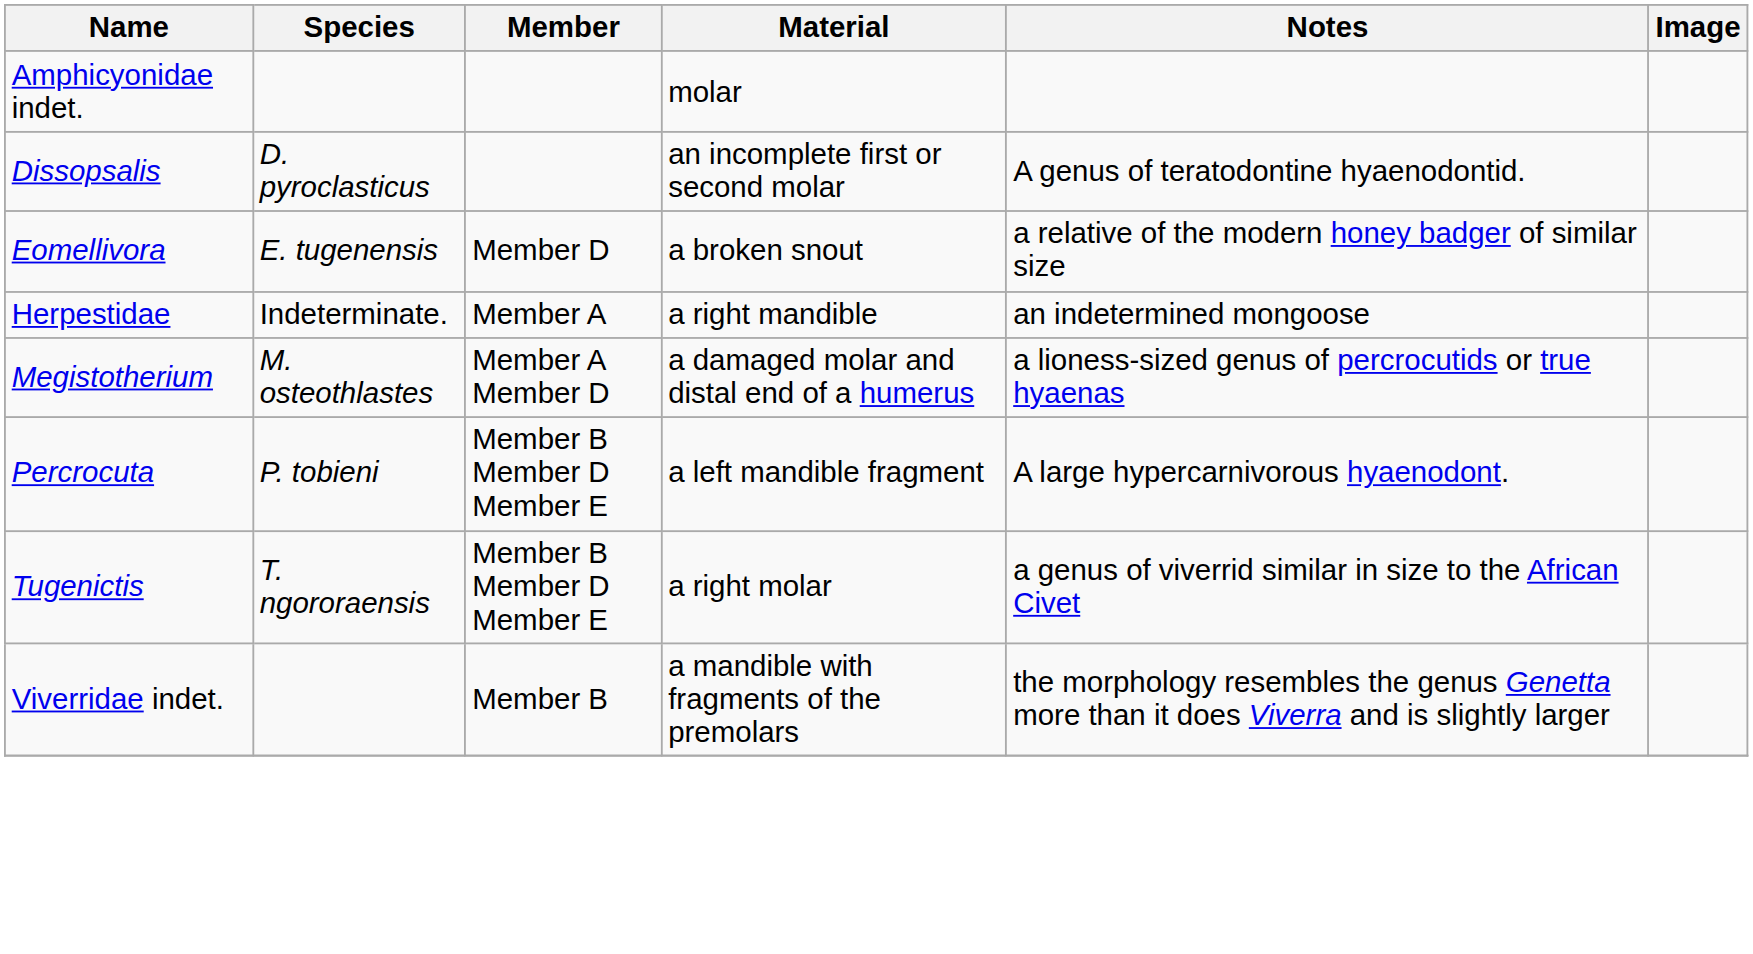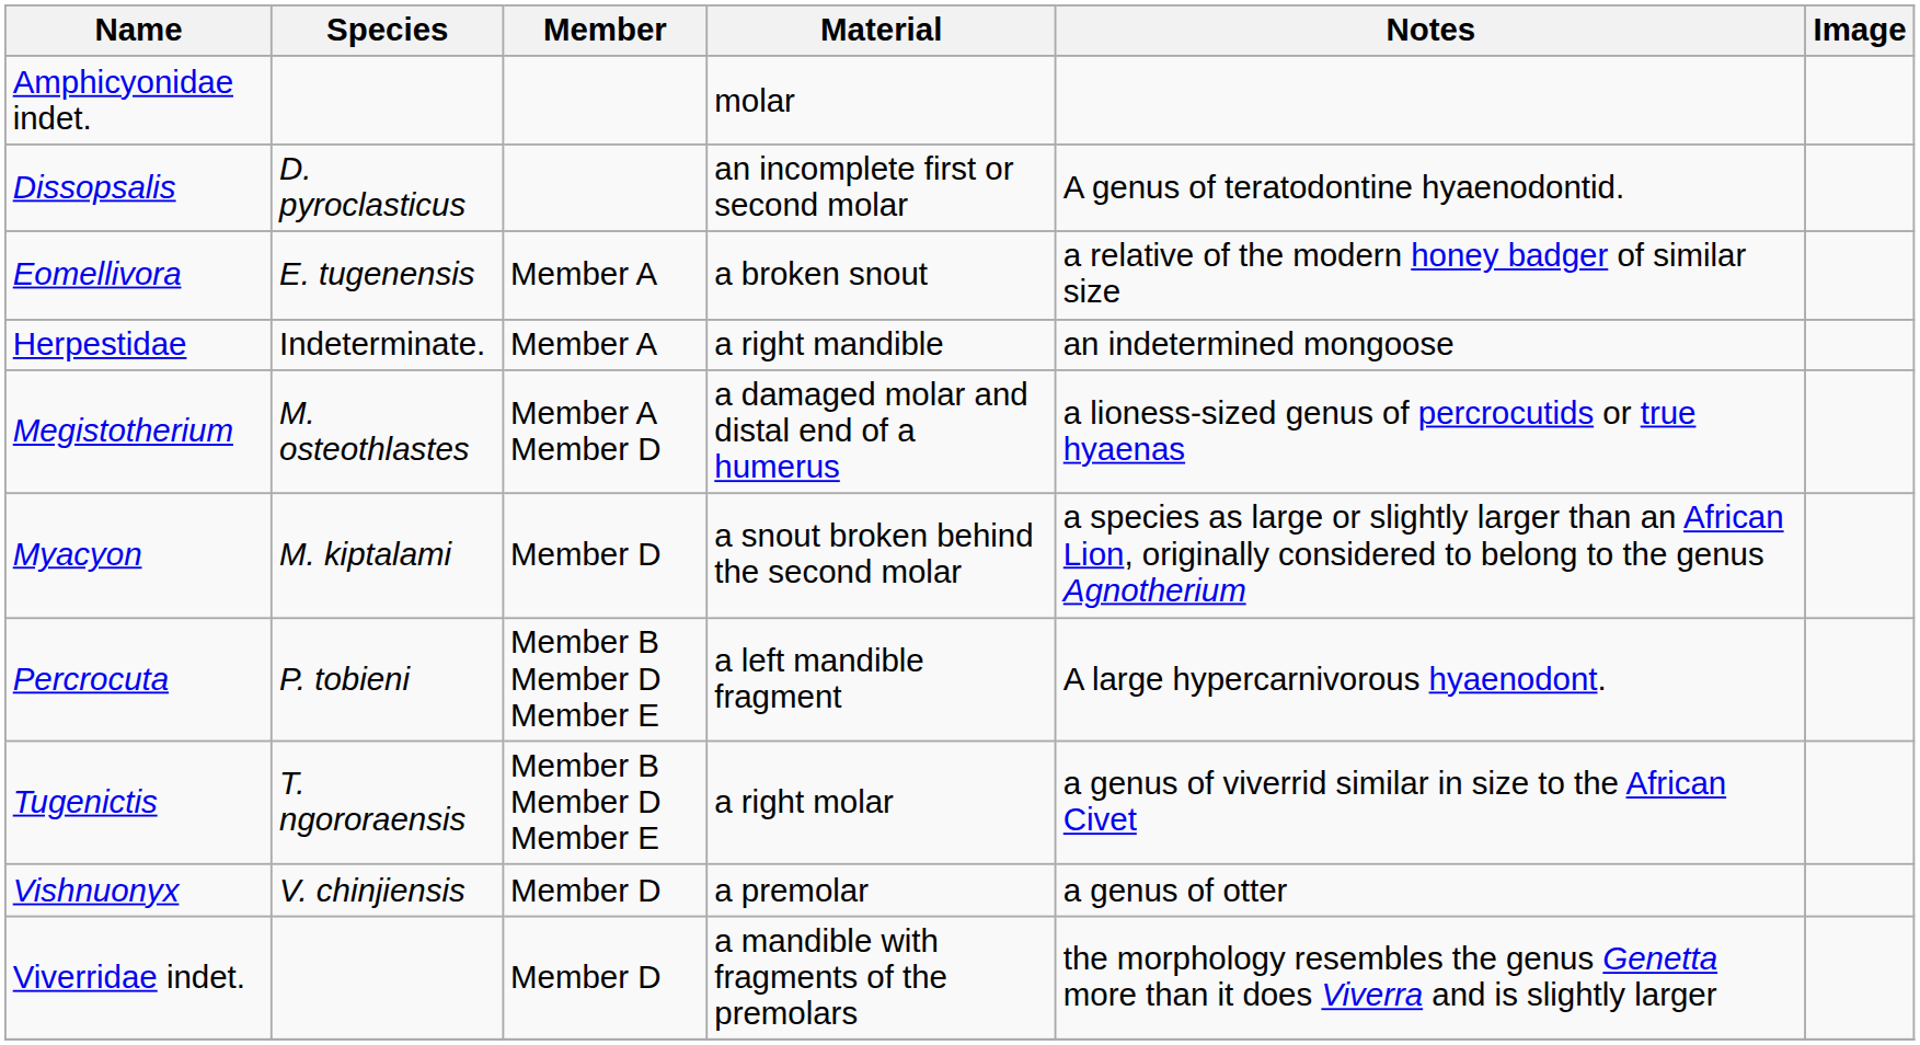 <table class="wikitable" align="center" width="75%">
 <tr>
 <th>Name</th>
 <th>Species</th>
 <th>Member</th>
 <th>Material</th>
 <th>Notes</th>
 <th>Image</th>
 </tr>
 <tr>
 <td><a href='#'>Amphicyonidae</a> indet.</td>
 <td></td>
 <td></td>
 <td>molar</td>
 <td></td>
 <td></td>
 </tr>
 <tr>
 <td><em><a href='#'>Dissopsalis</a></em></td>
 <td><em>D. pyroclasticus</em></td>
 <td></td>
 <td>an incomplete first or second molar</td>
 <td>A genus of teratodontine hyaenodontid.</td>
 <td></td>
 </tr>
 <tr>
 <td><em><a href='#'>Eomellivora</a></em></td>
 <td><em>E. tugenensis</em></td>
-<td>Member D</td>
+<td>Member A</td>
 <td>a broken snout</td>
 <td>a relative of the modern <a href='#'>honey badger</a> of similar size</td>
 <td></td>
 </tr>
 <tr>
 <td><a href='#'>Herpestidae</a></td>
 <td>Indeterminate.</td>
 <td>Member A</td>
 <td>a right mandible</td>
 <td>an indetermined mongoose</td>
 <td></td>
 </tr>
 <tr>
 <td><em><a href='#'>Megistotherium</a></em></td>
 <td><em>M.  osteothlastes</em></td>
 <td>Member A<br>Member D</td>
 <td>a damaged molar and distal end of a <a href='#'>humerus</a></td>
 <td>a lioness-sized genus of <a href='#'>percrocutids</a> or <a href='#'>true hyaenas</a></td>
 <td></td>
 </tr>
 <tr>
+<td><em><a href='#'>Myacyon</a></em></td>
+<td><em>M.  kiptalami</em></td>
+<td>Member D</td>
+<td>a snout broken behind the second molar</td>
+<td>a species as large or slightly larger than an <a href='#'>African Lion</a>, originally considered to belong to the genus <em><a href='#'>Agnotherium</a></em></td>
+<td></td>
+</tr>
+<tr>
 <td><em><a href='#'>Percrocuta</a></em> </td>
 <td><em>P. tobieni</em></td>
 <td>Member B<br>Member D Member E</td>
 <td>a left mandible fragment</td>
 <td>A large hypercarnivorous <a href='#'>hyaenodont</a>.</td>
 <td></td>
 </tr>
 <tr>
 <td><em><a href='#'>Tugenictis</a></em></td>
 <td><em>T.  ngororaensis</em></td>
 <td>Member B<br>Member D Member E</td>
 <td>a right molar</td>
 <td>a genus of viverrid similar in size to the <a href='#'>African Civet</a></td>
 <td></td>
 </tr>
 <tr>
+<td><em><a href='#'>Vishnuonyx</a></em></td>
+<td><em>V.  chinjiensis</em></td>
+<td>Member D</td>
+<td>a premolar</td>
+<td>a genus of otter</td>
+<td></td>
+</tr>
+<tr>
 <td><a href='#'>Viverridae</a> indet.</td>
 <td></td>
-<td>Member B</td>
+<td>Member D</td>
 <td>a mandible with fragments of the premolars</td>
 <td>the morphology resembles the genus <em><a href='#'>Genetta</a></em> more than it does <em><a href='#'>Viverra</a></em> and is slightly larger</td>
 <td></td>
 </tr>
 <tr>
 </tr>
 </table>
